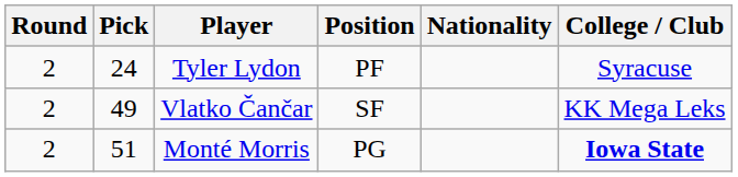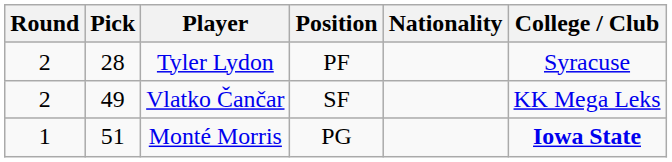 <table class="wikitable sortable sortable">
 <tr>
 <th>Round</th>
 <th>Pick</th>
 <th>Player</th>
 <th>Position</th>
 <th>Nationality</th>
 <th>College / Club</th>
 </tr>
 <tr style="text-align: center">
 <td>2</td>
-<td>24</td>
+<td>28</td>
 <td><a href='#'>Tyler Lydon</a></td>
 <td>PF</td>
 <td></td>
 <td><a href='#'>Syracuse</a></td>
 </tr>
 <tr style="text-align: center">
 <td>2</td>
 <td>49</td>
 <td><a href='#'>Vlatko Čančar</a></td>
 <td>SF</td>
 <td></td>
 <td><a href='#'>KK Mega Leks</a></td>
 </tr>
 <tr style="text-align: center">
-<td>2</td>
+<td>1</td>
 <td>51</td>
 <td><a href='#'>Monté Morris</a></td>
 <td>PG</td>
 <td></td>
 <td><strong><a href='#'>Iowa State</a></strong></td>
 </tr>
 </table>
